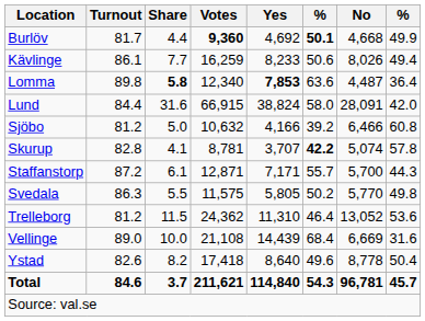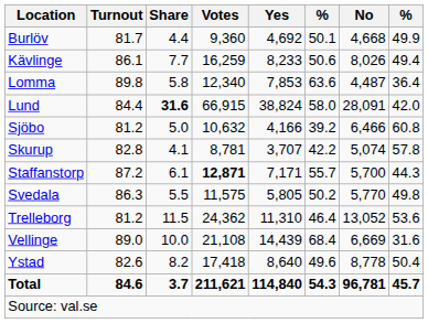 <table class="wikitable sortable" style=text-align:right>
 <tr>
 <th>Location</th>
 <th>Turnout</th>
 <th>Share</th>
 <th>Votes</th>
 <th>Yes</th>
 <th>%</th>
 <th>No</th>
 <th>%</th>
 </tr>
 <tr>
 <td align=left><a href='#'>Burlöv</a></td>
 <td>81.7</td>
 <td>4.4</td>
-<td><strong>9,360</strong></td>
+<td>9,360</td>
 <td>4,692</td>
-<td><strong>50.1</strong></td>
+<td>50.1</td>
 <td>4,668</td>
 <td>49.9</td>
 </tr>
 <tr>
 <td align=left><a href='#'>Kävlinge</a></td>
 <td>86.1</td>
 <td>7.7</td>
 <td>16,259</td>
 <td>8,233</td>
 <td>50.6</td>
 <td>8,026</td>
 <td>49.4</td>
 </tr>
 <tr>
 <td align=left><a href='#'>Lomma</a></td>
 <td>89.8</td>
-<td><strong>5.8</strong></td>
+<td>5.8</td>
 <td>12,340</td>
-<td><strong>7,853</strong></td>
+<td>7,853</td>
 <td>63.6</td>
 <td>4,487</td>
 <td>36.4</td>
 </tr>
 <tr>
 <td align=left><a href='#'>Lund</a></td>
 <td>84.4</td>
-<td>31.6</td>
+<td><strong>31.6</strong></td>
 <td>66,915</td>
 <td>38,824</td>
 <td>58.0</td>
 <td>28,091</td>
 <td>42.0</td>
 </tr>
 <tr>
 <td align=left><a href='#'>Sjöbo</a></td>
 <td>81.2</td>
 <td>5.0</td>
 <td>10,632</td>
 <td>4,166</td>
 <td>39.2</td>
 <td>6,466</td>
 <td>60.8</td>
 </tr>
 <tr>
 <td align=left><a href='#'>Skurup</a></td>
 <td>82.8</td>
 <td>4.1</td>
 <td>8,781</td>
 <td>3,707</td>
-<td><strong>42.2</strong></td>
+<td>42.2</td>
 <td>5,074</td>
 <td>57.8</td>
 </tr>
 <tr>
 <td align=left><a href='#'>Staffanstorp</a></td>
 <td>87.2</td>
 <td>6.1</td>
-<td>12,871</td>
+<td><strong>12,871</strong></td>
 <td>7,171</td>
 <td>55.7</td>
 <td>5,700</td>
 <td>44.3</td>
 </tr>
 <tr>
 <td align=left><a href='#'>Svedala</a></td>
 <td>86.3</td>
 <td>5.5</td>
 <td>11,575</td>
 <td>5,805</td>
 <td>50.2</td>
 <td>5,770</td>
 <td>49.8</td>
 </tr>
 <tr>
 <td align=left><a href='#'>Trelleborg</a></td>
 <td>81.2</td>
 <td>11.5</td>
 <td>24,362</td>
 <td>11,310</td>
 <td>46.4</td>
 <td>13,052</td>
 <td>53.6</td>
 </tr>
 <tr>
 <td align=left><a href='#'>Vellinge</a></td>
 <td>89.0</td>
 <td>10.0</td>
 <td>21,108</td>
 <td>14,439</td>
 <td>68.4</td>
 <td>6,669</td>
 <td>31.6</td>
 </tr>
 <tr>
 <td align=left><a href='#'>Ystad</a></td>
 <td>82.6</td>
 <td>8.2</td>
 <td>17,418</td>
 <td>8,640</td>
 <td>49.6</td>
 <td>8,778</td>
 <td>50.4</td>
 </tr>
 <tr>
 <td align=left><strong>Total</strong></td>
 <td><strong>84.6</strong></td>
 <td><strong>3.7</strong></td>
 <td><strong>211,621</strong></td>
 <td><strong>114,840</strong></td>
 <td><strong>54.3</strong></td>
 <td><strong>96,781</strong></td>
 <td><strong>45.7</strong></td>
 </tr>
 <tr>
 <td align=left colspan=8>Source: val.se </td>
 </tr>
 </table>
